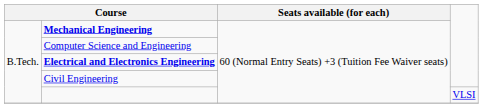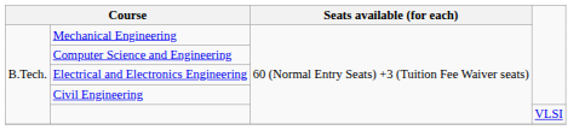 <table class="wikitable sortable">
 <tr>
 <th colspan=2>Course</th>
 <th>Seats available (for each)</th>
 </tr>
 <tr>
 <td rowspan=5>B.Tech.</td>
-<td><strong><a href='#'>Mechanical Engineering</a></strong></td>
+<td><a href='#'>Mechanical Engineering</a></td>
 <td rowspan=5>60 (Normal Entry Seats)  +3 (Tuition Fee Waiver seats)</td>
 </tr>
 <tr>
 <td><a href='#'>Computer Science and Engineering</a></td>
 </tr>
 <tr>
-<td><strong><a href='#'>Electrical and Electronics Engineering</a></strong></td>
+<td><a href='#'>Electrical and Electronics Engineering</a></td>
 </tr>
 <tr>
 <td><a href='#'>Civil Engineering</a></td>
 </tr>
 <tr>
 <td></td>
 <td><a href='#'>VLSI </a></td>
 </tr>
 <tr 30>
 </tr>
 </table>
